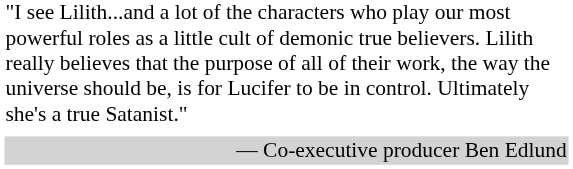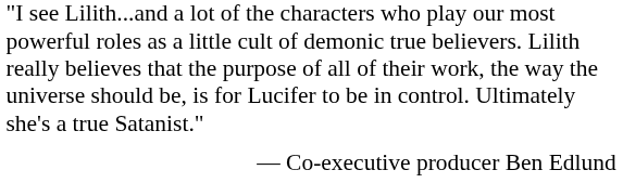 <table class="toccolours" style="float: right; margin-left: 1em; margin-right: 2em; font-size: 85%; width:27em; max-width: 40%;" cellspacing="5">
 <tr>
 <td style="text-align: left;">"I see Lilith...and a lot of the characters who play our most powerful roles as a little cult of demonic true believers. Lilith really believes that the purpose of all of their work, the way the universe should be, is for Lucifer to be in control. Ultimately she's a true Satanist."</td>
 </tr>
 <tr>
-<td style="background: lightgrey; text-align: right;"> — Co-executive producer Ben Edlund</td>
+<td style="text-align: right;"> — Co-executive producer Ben Edlund</td>
 </tr>
 </table>
